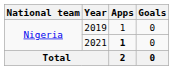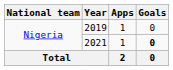 <table class=wikitable style=text-align:center>
 <tr>
 <th>National team</th>
 <th>Year</th>
 <th>Apps</th>
 <th>Goals</th>
 </tr>
 <tr>
 <td rowspan="2"><a href='#'>Nigeria</a></td>
 <td>2019</td>
 <td>1</td>
 <td>0</td>
 </tr>
 <tr>
 <td>2021</td>
-<td><strong>1</strong></td>
-<td>0</td>
+<td>1</td>
+<td><strong>0</strong></td>
 </tr>
 <tr>
 <th colspan="2">Total</th>
 <th>2</th>
 <th>0</th>
 </tr>
 </table>
